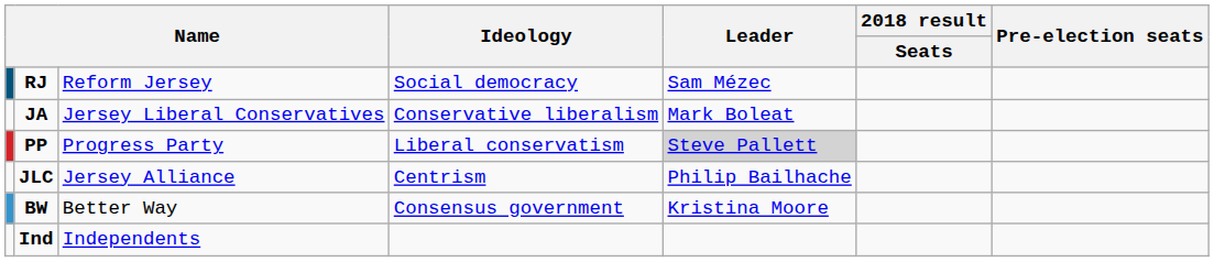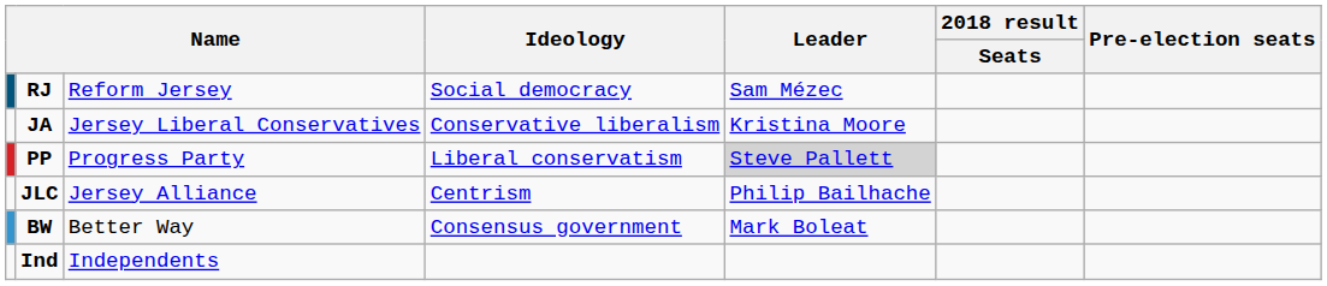 <table class="wikitable">
 <tr>
 <th colspan="4" rowspan="2">Name</th>
 <th rowspan="2">Ideology</th>
 <th rowspan="2">Leader</th>
 <th>2018 result</th>
 <th rowspan="2">Pre-election seats</th>
 </tr>
 <tr>
 <th>Seats</th>
 </tr>
 <tr>
 <td style="background:#01547C;"></td>
 <td colspan="2" style="text-align:center;"><strong>RJ</strong></td>
 <td><a href='#'>Reform Jersey</a></td>
 <td><a href='#'>Social democracy</a></td>
 <td><a href='#'>Sam Mézec</a></td>
 <td></td>
 <td></td>
 </tr>
 <tr>
 <td style="background:"></td>
 <td colspan="2" style="text-align:center;"><strong>JA</strong></td>
 <td><a href='#'>Jersey Liberal Conservatives</a></td>
 <td><a href='#'>Conservative liberalism</a></td>
-<td><a href='#'>Mark Boleat</a></td>
+<td><a href='#'>Kristina Moore</a></td>
 <td></td>
 <td></td>
 </tr>
 <tr>
 <td style="background:#d62127;"></td>
 <td colspan="2" style="text-align:center;"><strong>PP</strong></td>
 <td><a href='#'>Progress Party</a></td>
 <td><a href='#'>Liberal conservatism</a></td>
 <td style="background: lightgrey;"><a href='#'>Steve Pallett</a></td>
 <td></td>
 <td></td>
 </tr>
 <tr>
 <td style="background:"></td>
 <td colspan="2" style="text-align:center;"><strong>JLC</strong></td>
 <td><a href='#'>Jersey Alliance</a></td>
 <td><a href='#'>Centrism</a></td>
 <td><a href='#'>Philip Bailhache</a></td>
 <td></td>
 <td></td>
 </tr>
 <tr>
 <td style="background:#3494CD;"></td>
 <td colspan="2" style="text-align:center;"><strong>BW</strong></td>
 <td>Better Way</td>
 <td><a href='#'>Consensus government</a></td>
-<td><a href='#'>Kristina Moore</a></td>
+<td><a href='#'>Mark Boleat</a></td>
 <td></td>
 <td></td>
 </tr>
 <tr>
 <td style="background:"></td>
 <td colspan="2" style="text-align:center;"><strong>Ind</strong></td>
 <td><a href='#'>Independents</a></td>
 <td></td>
 <td></td>
 <td></td>
 <td></td>
 </tr>
 </table>
